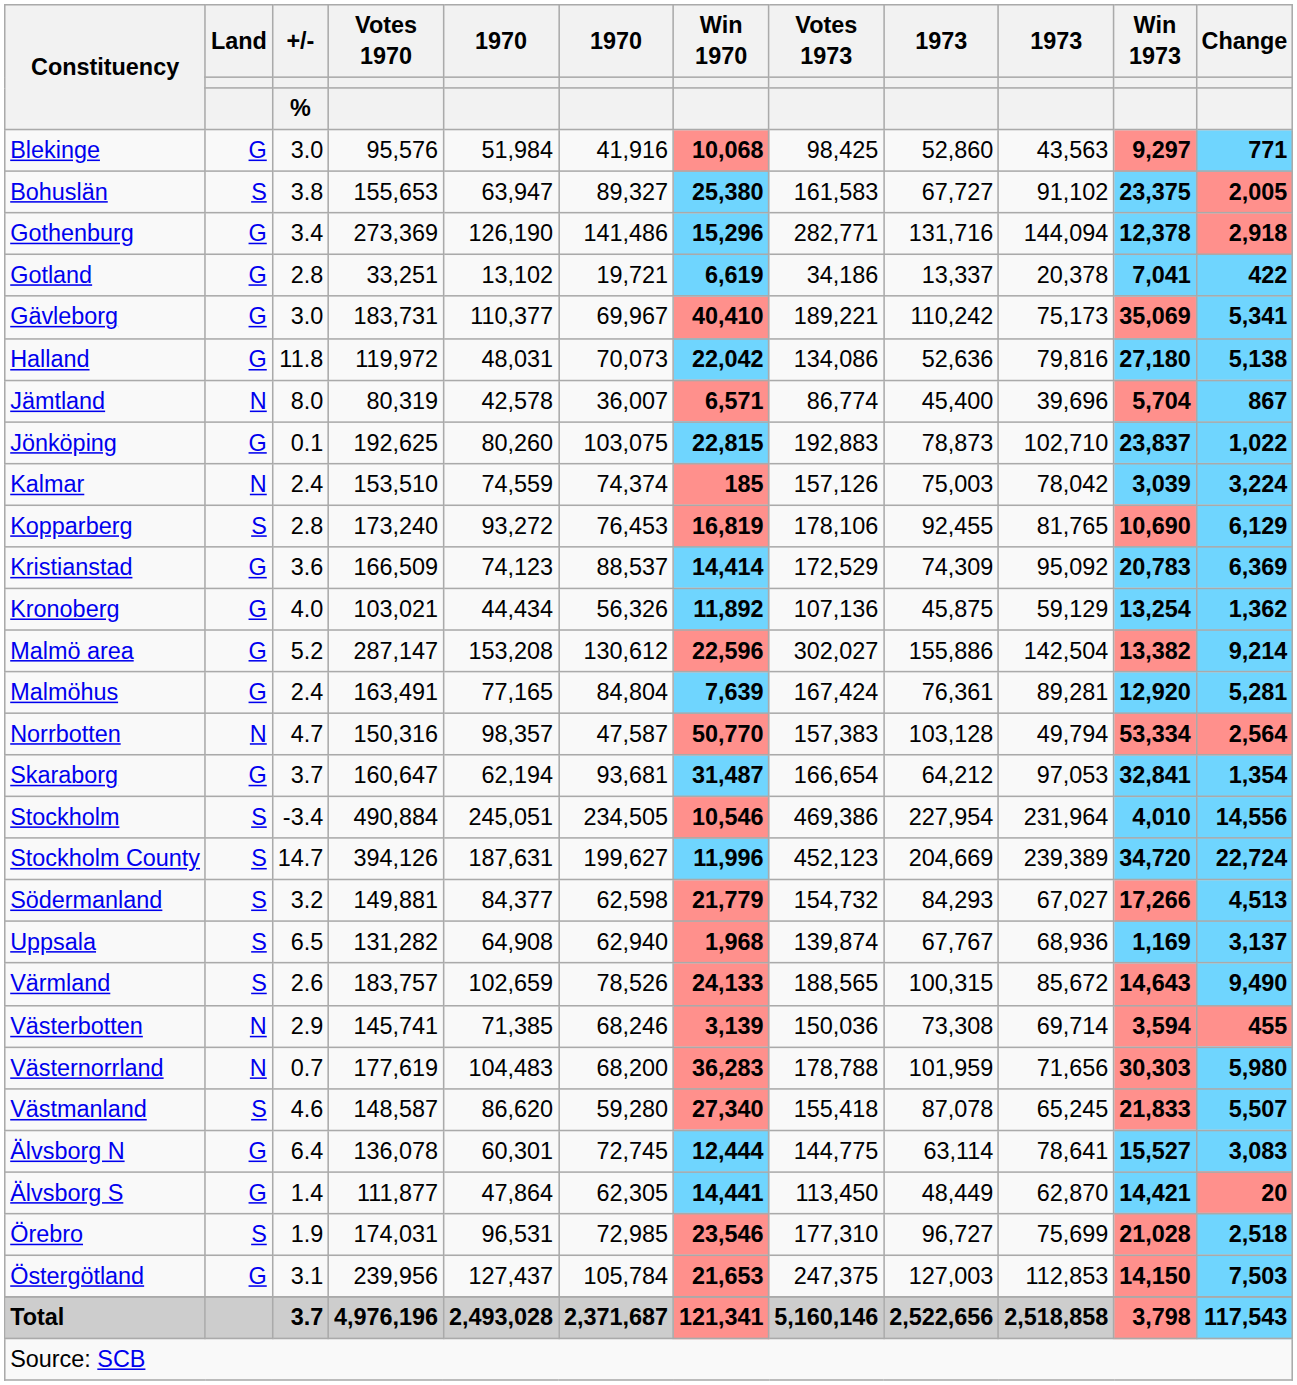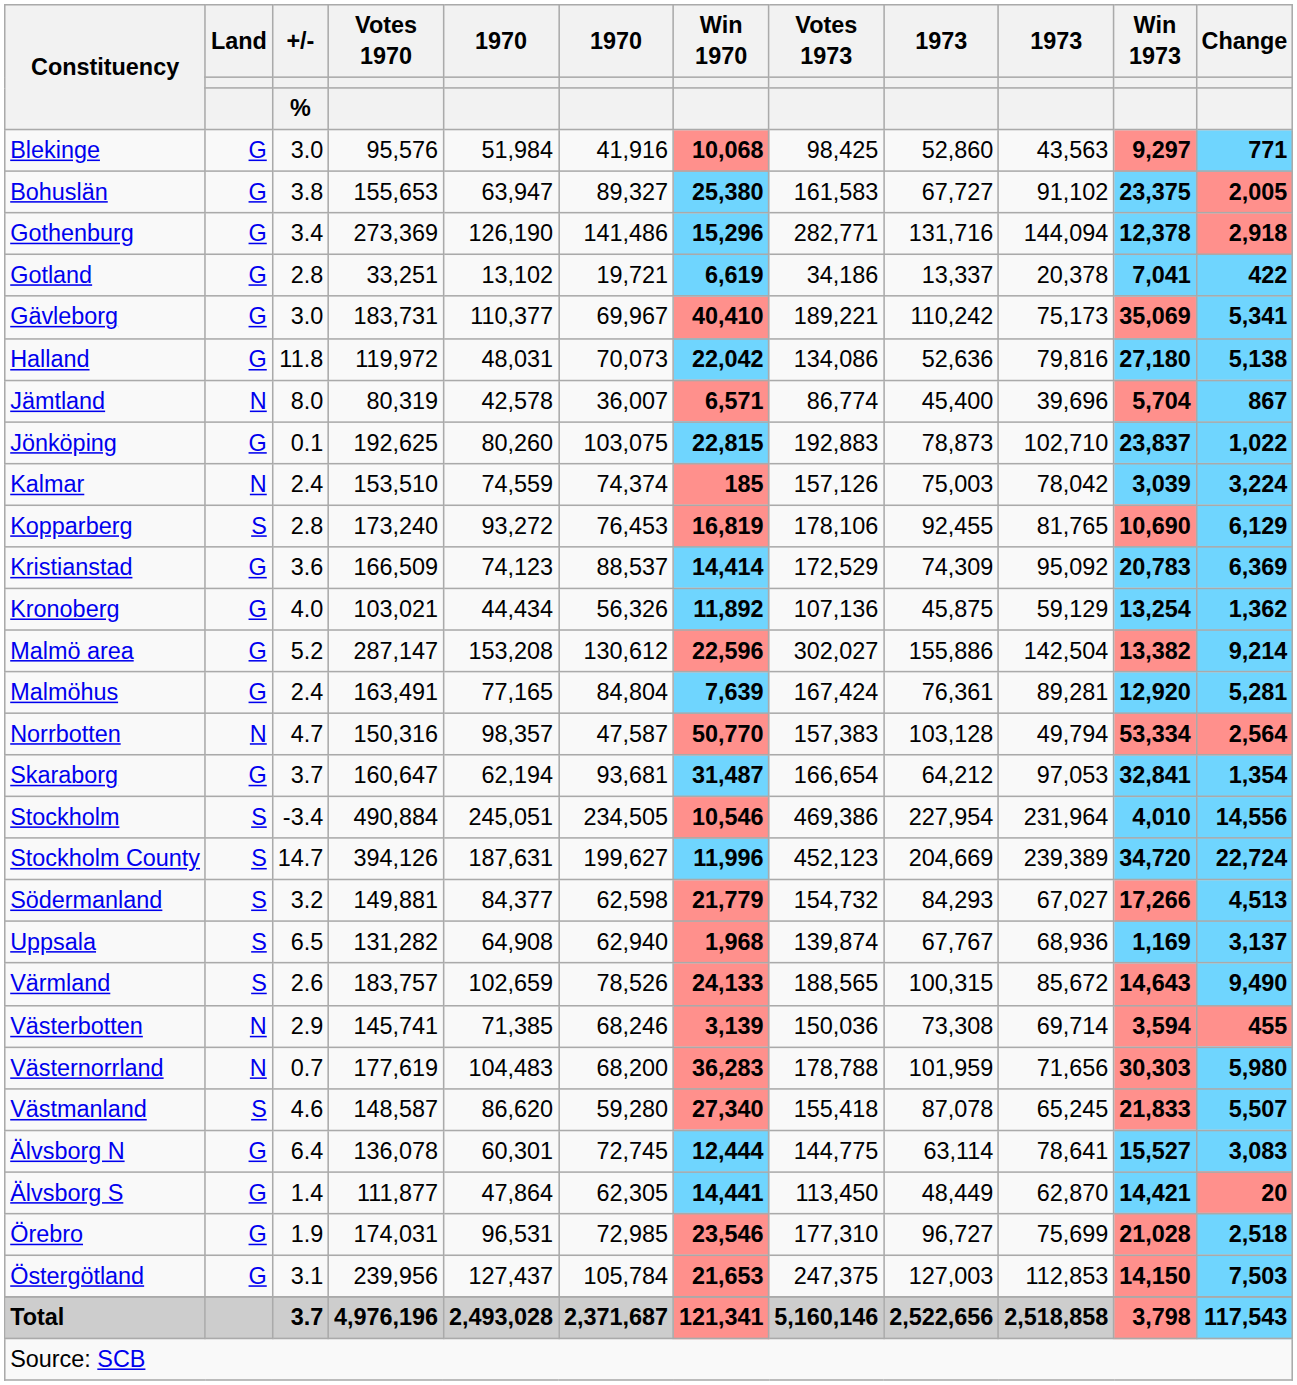 <table class="wikitable sortable" style="text-align:right; font-size:95%; line-height:20px;">
 <tr>
 <th rowspan="3">Constituency</th>
 <th>Land</th>
 <th>+/-</th>
 <th width="30px" class="unsortable">Votes 1970</th>
 <th> 1970</th>
 <th> 1970</th>
 <th width="30px" class="unsortable">Win 1970</th>
 <th width="30px" class="unsortable">Votes 1973</th>
 <th> 1973</th>
 <th> 1973</th>
 <th width="30px" class="unsortable">Win 1973</th>
 <th width="30px" class="unsortable">Change</th>
 </tr>
 <tr>
 <th></th>
 <th></th>
 <th></th>
 <th style="background:"></th>
 <th style="background:"></th>
 <th></th>
 <th></th>
 <th style="background:"></th>
 <th style="background:"></th>
 <th></th>
 <th></th>
 </tr>
 <tr>
 <th data-sort-type="number"></th>
 <th data-sort-type="number">%</th>
 <th data-sort-type="number"></th>
 <th data-sort-type="number"></th>
 <th data-sort-type="number"></th>
 <th data-sort-type="number"></th>
 <th data-sort-type="number"></th>
 <th data-sort-type="number"></th>
 <th data-sort-type="number"></th>
 <th data-sort-type="number"></th>
 <th data-sort-type="number"></th>
 </tr>
 <tr>
 <td align="left"><a href='#'>Blekinge</a></td>
 <td><a href='#'>G</a></td>
 <td>3.0</td>
 <td>95,576</td>
 <td>51,984</td>
 <td>41,916</td>
 <td bgcolor=#ff908c><strong>10,068</strong></td>
 <td>98,425</td>
 <td>52,860</td>
 <td>43,563</td>
 <td bgcolor=#ff908c><strong>9,297</strong></td>
 <td bgcolor=#6fd5fe><strong>771</strong></td>
 </tr>
 <tr>
 <td align="left"><a href='#'>Bohuslän</a></td>
-<td><a href='#'>S</a></td>
+<td><a href='#'>G</a></td>
 <td>3.8</td>
 <td>155,653</td>
 <td>63,947</td>
 <td>89,327</td>
 <td bgcolor=#6fd5fe><strong>25,380</strong></td>
 <td>161,583</td>
 <td>67,727</td>
 <td>91,102</td>
 <td bgcolor=#6fd5fe><strong>23,375</strong></td>
 <td bgcolor=#ff908c><strong>2,005</strong></td>
 </tr>
 <tr>
 <td align="left"><a href='#'>Gothenburg</a></td>
 <td><a href='#'>G</a></td>
 <td>3.4</td>
 <td>273,369</td>
 <td>126,190</td>
 <td>141,486</td>
 <td bgcolor=#6fd5fe><strong>15,296</strong></td>
 <td>282,771</td>
 <td>131,716</td>
 <td>144,094</td>
 <td bgcolor=#6fd5fe><strong>12,378</strong></td>
 <td bgcolor=#ff908c><strong>2,918</strong></td>
 </tr>
 <tr>
 <td align="left"><a href='#'>Gotland</a></td>
 <td><a href='#'>G</a></td>
 <td>2.8</td>
 <td>33,251</td>
 <td>13,102</td>
 <td>19,721</td>
 <td bgcolor=#6fd5fe><strong>6,619</strong></td>
 <td>34,186</td>
 <td>13,337</td>
 <td>20,378</td>
 <td bgcolor=#6fd5fe><strong>7,041</strong></td>
 <td bgcolor=#6fd5fe><strong>422</strong></td>
 </tr>
 <tr>
 <td align="left"><a href='#'>Gävleborg</a></td>
 <td><a href='#'>G</a></td>
 <td>3.0</td>
 <td>183,731</td>
 <td>110,377</td>
 <td>69,967</td>
 <td bgcolor=#ff908c><strong>40,410</strong></td>
 <td>189,221</td>
 <td>110,242</td>
 <td>75,173</td>
 <td bgcolor=#ff908c><strong>35,069</strong></td>
 <td bgcolor=#6fd5fe><strong>5,341</strong></td>
 </tr>
 <tr>
 <td align="left"><a href='#'>Halland</a></td>
 <td><a href='#'>G</a></td>
 <td>11.8</td>
 <td>119,972</td>
 <td>48,031</td>
 <td>70,073</td>
 <td bgcolor=#6fd5fe><strong>22,042</strong></td>
 <td>134,086</td>
 <td>52,636</td>
 <td>79,816</td>
 <td bgcolor=#6fd5fe><strong>27,180</strong></td>
 <td bgcolor=#6fd5fe><strong>5,138</strong></td>
 </tr>
 <tr>
 <td align="left"><a href='#'>Jämtland</a></td>
 <td><a href='#'>N</a></td>
 <td>8.0</td>
 <td>80,319</td>
 <td>42,578</td>
 <td>36,007</td>
 <td bgcolor=#ff908c><strong>6,571</strong></td>
 <td>86,774</td>
 <td>45,400</td>
 <td>39,696</td>
 <td bgcolor=#ff908c><strong>5,704</strong></td>
 <td bgcolor=#6fd5fe><strong>867</strong></td>
 </tr>
 <tr>
 <td align="left"><a href='#'>Jönköping</a></td>
 <td><a href='#'>G</a></td>
 <td>0.1</td>
 <td>192,625</td>
 <td>80,260</td>
 <td>103,075</td>
 <td bgcolor=#6fd5fe><strong>22,815</strong></td>
 <td>192,883</td>
 <td>78,873</td>
 <td>102,710</td>
 <td bgcolor=#6fd5fe><strong>23,837</strong></td>
 <td bgcolor=#6fd5fe><strong>1,022</strong></td>
 </tr>
 <tr>
 <td align="left"><a href='#'>Kalmar</a></td>
 <td><a href='#'>N</a></td>
 <td>2.4</td>
 <td>153,510</td>
 <td>74,559</td>
 <td>74,374</td>
 <td bgcolor=#ff908c><strong>185</strong></td>
 <td>157,126</td>
 <td>75,003</td>
 <td>78,042</td>
 <td bgcolor=#6fd5fe><strong>3,039</strong></td>
 <td bgcolor=#6fd5fe><strong>3,224</strong></td>
 </tr>
 <tr>
 <td align="left"><a href='#'>Kopparberg</a></td>
 <td><a href='#'>S</a></td>
 <td>2.8</td>
 <td>173,240</td>
 <td>93,272</td>
 <td>76,453</td>
 <td bgcolor=#ff908c><strong>16,819</strong></td>
 <td>178,106</td>
 <td>92,455</td>
 <td>81,765</td>
 <td bgcolor=#ff908c><strong>10,690</strong></td>
 <td bgcolor=#6fd5fe><strong>6,129</strong></td>
 </tr>
 <tr>
 <td align="left"><a href='#'>Kristianstad</a></td>
 <td><a href='#'>G</a></td>
 <td>3.6</td>
 <td>166,509</td>
 <td>74,123</td>
 <td>88,537</td>
 <td bgcolor=#6fd5fe><strong>14,414</strong></td>
 <td>172,529</td>
 <td>74,309</td>
 <td>95,092</td>
 <td bgcolor=#6fd5fe><strong>20,783</strong></td>
 <td bgcolor=#6fd5fe><strong>6,369</strong></td>
 </tr>
 <tr>
 <td align="left"><a href='#'>Kronoberg</a></td>
 <td><a href='#'>G</a></td>
 <td>4.0</td>
 <td>103,021</td>
 <td>44,434</td>
 <td>56,326</td>
 <td bgcolor=#6fd5fe><strong>11,892</strong></td>
 <td>107,136</td>
 <td>45,875</td>
 <td>59,129</td>
 <td bgcolor=#6fd5fe><strong>13,254</strong></td>
 <td bgcolor=#6fd5fe><strong>1,362</strong></td>
 </tr>
 <tr>
 <td align="left"><a href='#'>Malmö area</a></td>
 <td><a href='#'>G</a></td>
 <td>5.2</td>
 <td>287,147</td>
 <td>153,208</td>
 <td>130,612</td>
 <td bgcolor=#ff908c><strong>22,596</strong></td>
 <td>302,027</td>
 <td>155,886</td>
 <td>142,504</td>
 <td bgcolor=#ff908c><strong>13,382</strong></td>
 <td bgcolor=#6fd5fe><strong>9,214</strong></td>
 </tr>
 <tr>
 <td align="left"><a href='#'>Malmöhus</a></td>
 <td><a href='#'>G</a></td>
 <td>2.4</td>
 <td>163,491</td>
 <td>77,165</td>
 <td>84,804</td>
 <td bgcolor=#6fd5fe><strong>7,639</strong></td>
 <td>167,424</td>
 <td>76,361</td>
 <td>89,281</td>
 <td bgcolor=#6fd5fe><strong>12,920</strong></td>
 <td bgcolor=#6fd5fe><strong>5,281</strong></td>
 </tr>
 <tr>
 <td align="left"><a href='#'>Norrbotten</a></td>
 <td><a href='#'>N</a></td>
 <td>4.7</td>
 <td>150,316</td>
 <td>98,357</td>
 <td>47,587</td>
 <td bgcolor=#ff908c><strong>50,770</strong></td>
 <td>157,383</td>
 <td>103,128</td>
 <td>49,794</td>
 <td bgcolor=#ff908c><strong>53,334</strong></td>
 <td bgcolor=#ff908c><strong>2,564</strong></td>
 </tr>
 <tr>
 <td align="left"><a href='#'>Skaraborg</a></td>
 <td><a href='#'>G</a></td>
 <td>3.7</td>
 <td>160,647</td>
 <td>62,194</td>
 <td>93,681</td>
 <td bgcolor=#6fd5fe><strong>31,487</strong></td>
 <td>166,654</td>
 <td>64,212</td>
 <td>97,053</td>
 <td bgcolor=#6fd5fe><strong>32,841</strong></td>
 <td bgcolor=#6fd5fe><strong>1,354</strong></td>
 </tr>
 <tr>
 <td align="left"><a href='#'>Stockholm</a></td>
 <td><a href='#'>S</a></td>
 <td>-3.4</td>
 <td>490,884</td>
 <td>245,051</td>
 <td>234,505</td>
 <td bgcolor=#ff908c><strong>10,546</strong></td>
 <td>469,386</td>
 <td>227,954</td>
 <td>231,964</td>
 <td bgcolor=#6fd5fe><strong>4,010</strong></td>
 <td bgcolor=#6fd5fe><strong>14,556</strong></td>
 </tr>
 <tr>
 <td align="left"><a href='#'>Stockholm County</a></td>
 <td><a href='#'>S</a></td>
 <td>14.7</td>
 <td>394,126</td>
 <td>187,631</td>
 <td>199,627</td>
 <td bgcolor=#6fd5fe><strong>11,996</strong></td>
 <td>452,123</td>
 <td>204,669</td>
 <td>239,389</td>
 <td bgcolor=#6fd5fe><strong>34,720</strong></td>
 <td bgcolor=#6fd5fe><strong>22,724</strong></td>
 </tr>
 <tr>
 <td align="left"><a href='#'>Södermanland</a></td>
 <td><a href='#'>S</a></td>
 <td>3.2</td>
 <td>149,881</td>
 <td>84,377</td>
 <td>62,598</td>
 <td bgcolor=#ff908c><strong>21,779</strong></td>
 <td>154,732</td>
 <td>84,293</td>
 <td>67,027</td>
 <td bgcolor=#ff908c><strong>17,266</strong></td>
 <td bgcolor=#6fd5fe><strong>4,513</strong></td>
 </tr>
 <tr>
 <td align="left"><a href='#'>Uppsala</a></td>
 <td><a href='#'>S</a></td>
 <td>6.5</td>
 <td>131,282</td>
 <td>64,908</td>
 <td>62,940</td>
 <td bgcolor=#ff908c><strong>1,968</strong></td>
 <td>139,874</td>
 <td>67,767</td>
 <td>68,936</td>
 <td bgcolor=#6fd5fe><strong>1,169</strong></td>
 <td bgcolor=#6fd5fe><strong>3,137</strong></td>
 </tr>
 <tr>
 <td align="left"><a href='#'>Värmland</a></td>
 <td><a href='#'>S</a></td>
 <td>2.6</td>
 <td>183,757</td>
 <td>102,659</td>
 <td>78,526</td>
 <td bgcolor=#ff908c><strong>24,133</strong></td>
 <td>188,565</td>
 <td>100,315</td>
 <td>85,672</td>
 <td bgcolor=#ff908c><strong>14,643</strong></td>
 <td bgcolor=#6fd5fe><strong>9,490</strong></td>
 </tr>
 <tr>
 <td align="left"><a href='#'>Västerbotten</a></td>
 <td><a href='#'>N</a></td>
 <td>2.9</td>
 <td>145,741</td>
 <td>71,385</td>
 <td>68,246</td>
 <td bgcolor=#ff908c><strong>3,139</strong></td>
 <td>150,036</td>
 <td>73,308</td>
 <td>69,714</td>
 <td bgcolor=#ff908c><strong>3,594</strong></td>
 <td bgcolor=#ff908c><strong>455</strong></td>
 </tr>
 <tr>
 <td align="left"><a href='#'>Västernorrland</a></td>
 <td><a href='#'>N</a></td>
 <td>0.7</td>
 <td>177,619</td>
 <td>104,483</td>
 <td>68,200</td>
 <td bgcolor=#ff908c><strong>36,283</strong></td>
 <td>178,788</td>
 <td>101,959</td>
 <td>71,656</td>
 <td bgcolor=#ff908c><strong>30,303</strong></td>
 <td bgcolor=#6fd5fe><strong>5,980</strong></td>
 </tr>
 <tr>
 <td align="left"><a href='#'>Västmanland</a></td>
 <td><a href='#'>S</a></td>
 <td>4.6</td>
 <td>148,587</td>
 <td>86,620</td>
 <td>59,280</td>
 <td bgcolor=#ff908c><strong>27,340</strong></td>
 <td>155,418</td>
 <td>87,078</td>
 <td>65,245</td>
 <td bgcolor=#ff908c><strong>21,833</strong></td>
 <td bgcolor=#6fd5fe><strong>5,507</strong></td>
 </tr>
 <tr>
 <td align="left"><a href='#'>Älvsborg N</a></td>
 <td><a href='#'>G</a></td>
 <td>6.4</td>
 <td>136,078</td>
 <td>60,301</td>
 <td>72,745</td>
 <td bgcolor=#6fd5fe><strong>12,444</strong></td>
 <td>144,775</td>
 <td>63,114</td>
 <td>78,641</td>
 <td bgcolor=#6fd5fe><strong>15,527</strong></td>
 <td bgcolor=#6fd5fe><strong>3,083</strong></td>
 </tr>
 <tr>
 <td align="left"><a href='#'>Älvsborg S</a></td>
 <td><a href='#'>G</a></td>
 <td>1.4</td>
 <td>111,877</td>
 <td>47,864</td>
 <td>62,305</td>
 <td bgcolor=#6fd5fe><strong>14,441</strong></td>
 <td>113,450</td>
 <td>48,449</td>
 <td>62,870</td>
 <td bgcolor=#6fd5fe><strong>14,421</strong></td>
 <td bgcolor=#ff908c><strong>20</strong></td>
 </tr>
 <tr>
 <td align="left"><a href='#'>Örebro</a></td>
-<td><a href='#'>S</a></td>
+<td><a href='#'>G</a></td>
 <td>1.9</td>
 <td>174,031</td>
 <td>96,531</td>
 <td>72,985</td>
 <td bgcolor=#ff908c><strong>23,546</strong></td>
 <td>177,310</td>
 <td>96,727</td>
 <td>75,699</td>
 <td bgcolor=#ff908c><strong>21,028</strong></td>
 <td bgcolor=#6fd5fe><strong>2,518</strong></td>
 </tr>
 <tr>
 <td align="left"><a href='#'>Östergötland</a></td>
 <td><a href='#'>G</a></td>
 <td>3.1</td>
 <td>239,956</td>
 <td>127,437</td>
 <td>105,784</td>
 <td bgcolor=#ff908c><strong>21,653</strong></td>
 <td>247,375</td>
 <td>127,003</td>
 <td>112,853</td>
 <td bgcolor=#ff908c><strong>14,150</strong></td>
 <td bgcolor=#6fd5fe><strong>7,503</strong></td>
 </tr>
 <tr>
 </tr>
 <tr style="background:#CDCDCD;">
 <td align="left"><strong>Total</strong></td>
 <td></td>
 <td><strong>3.7</strong></td>
 <td><strong>4,976,196</strong></td>
 <td><strong>2,493,028</strong></td>
 <td><strong>2,371,687</strong></td>
 <td bgcolor=#ff908c><strong>121,341</strong></td>
 <td><strong>5,160,146</strong></td>
 <td><strong>2,522,656</strong></td>
 <td><strong>2,518,858</strong></td>
 <td bgcolor=#ff908c><strong>3,798</strong></td>
 <td bgcolor=#6fd5fe><strong>117,543</strong></td>
 </tr>
 <tr>
 <td colspan="12" align="left">Source: <a href='#'>SCB</a></td>
 </tr>
 </table>
